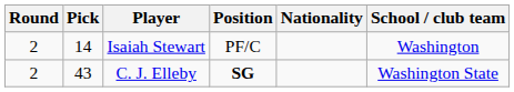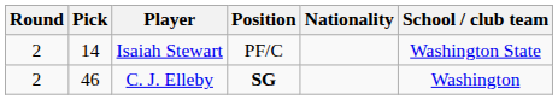 <table class="wikitable sortable sortable">
 <tr>
 <th>Round</th>
 <th>Pick</th>
 <th>Player</th>
 <th>Position</th>
 <th>Nationality</th>
 <th>School / club team</th>
 </tr>
 <tr style="text-align: center">
 <td>2</td>
 <td>14</td>
 <td><a href='#'>Isaiah Stewart</a></td>
 <td>PF/C</td>
 <td></td>
-<td><a href='#'>Washington</a></td>
+<td><a href='#'>Washington State</a></td>
 </tr>
 <tr style="text-align: center">
 <td>2</td>
-<td>43</td>
+<td>46</td>
 <td><a href='#'>C. J. Elleby</a></td>
 <td><strong>SG</strong></td>
 <td></td>
-<td><a href='#'>Washington State</a></td>
+<td><a href='#'>Washington</a></td>
 </tr>
 </table>
